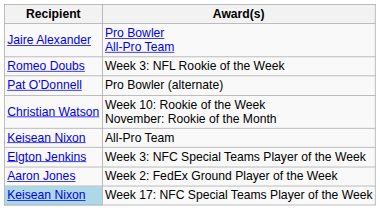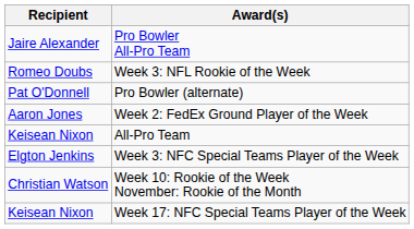 <table class="wikitable">
 <tr>
 <th>Recipient</th>
 <th>Award(s)</th>
 </tr>
 <tr>
 <td><a href='#'>Jaire Alexander</a></td>
 <td><a href='#'>Pro Bowler</a><br><a href='#'>All-Pro Team</a></td>
 </tr>
 <tr>
 <td><a href='#'>Romeo Doubs</a></td>
 <td>Week 3: NFL Rookie of the Week</td>
 </tr>
 <tr>
 <td><a href='#'>Pat O'Donnell</a></td>
 <td>Pro Bowler (alternate)</td>
 </tr>
 <tr>
-<td><a href='#'>Christian Watson</a></td>
-<td>Week 10: Rookie of the Week<br>November: Rookie of the Month</td>
+<td><a href='#'>Aaron Jones</a></td>
+<td>Week 2: FedEx Ground Player of the Week</td>
 </tr>
 <tr>
 <td><a href='#'>Keisean Nixon</a></td>
 <td>All-Pro Team</td>
 </tr>
 <tr>
 <td><a href='#'>Elgton Jenkins</a></td>
 <td>Week 3: NFC Special Teams Player of the Week</td>
 </tr>
 <tr>
-<td><a href='#'>Aaron Jones</a></td>
-<td>Week 2: FedEx Ground Player of the Week</td>
+<td><a href='#'>Christian Watson</a></td>
+<td>Week 10: Rookie of the Week<br>November: Rookie of the Month</td>
 </tr>
 <tr>
-<td style="background: lightblue;"><a href='#'>Keisean Nixon</a></td>
+<td><a href='#'>Keisean Nixon</a></td>
 <td>Week 17: NFC Special Teams Player of the Week</td>
 </tr>
 </table>
